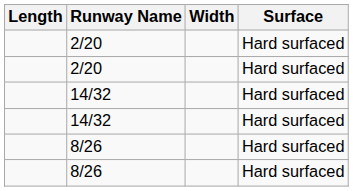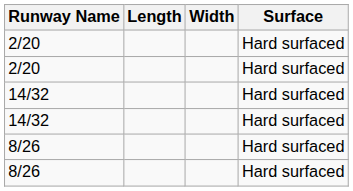 <table class="wikitable">
 <tr>
+<th>Runway Name</th>
 <th>Length</th>
-<th>Runway Name</th>
 <th>Width</th>
 <th>Surface</th>
 </tr>
 <tr>
+<td>2/20</td>
 <td></td>
-<td>2/20</td>
 <td></td>
 <td>Hard surfaced</td>
 </tr>
 <tr>
+<td>2/20</td>
 <td></td>
-<td>2/20</td>
 <td></td>
 <td>Hard surfaced</td>
 </tr>
 <tr>
+<td>14/32</td>
 <td></td>
-<td>14/32</td>
 <td></td>
 <td>Hard surfaced</td>
 </tr>
 <tr>
+<td>14/32</td>
 <td></td>
-<td>14/32</td>
 <td></td>
 <td>Hard surfaced</td>
 </tr>
 <tr>
+<td>8/26</td>
 <td></td>
-<td>8/26</td>
 <td></td>
 <td>Hard surfaced</td>
 </tr>
 <tr>
+<td>8/26</td>
 <td></td>
-<td>8/26</td>
 <td></td>
 <td>Hard surfaced</td>
 </tr>
 </table>
